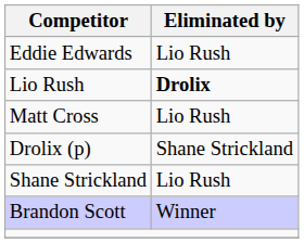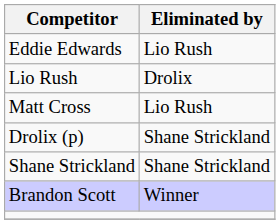 <table class="wikitable">
 <tr>
 <th>Competitor</th>
 <th>Eliminated by</th>
 </tr>
 <tr>
 <td>Eddie Edwards</td>
 <td>Lio Rush</td>
 </tr>
 <tr>
 <td>Lio Rush</td>
-<td><strong>Drolix</strong></td>
+<td>Drolix</td>
 </tr>
 <tr>
 <td>Matt Cross</td>
 <td>Lio Rush</td>
 </tr>
 <tr>
 <td>Drolix (p)</td>
 <td>Shane Strickland</td>
 </tr>
 <tr>
 <td>Shane Strickland</td>
-<td>Lio Rush</td>
+<td>Shane Strickland</td>
 </tr>
 <tr style="background: #CCCCFF;">
 <td>Brandon Scott</td>
 <td>Winner</td>
 </tr>
 <tr>
 <td colspan="2"></td>
 </tr>
 <tr>
 </tr>
 </table>
